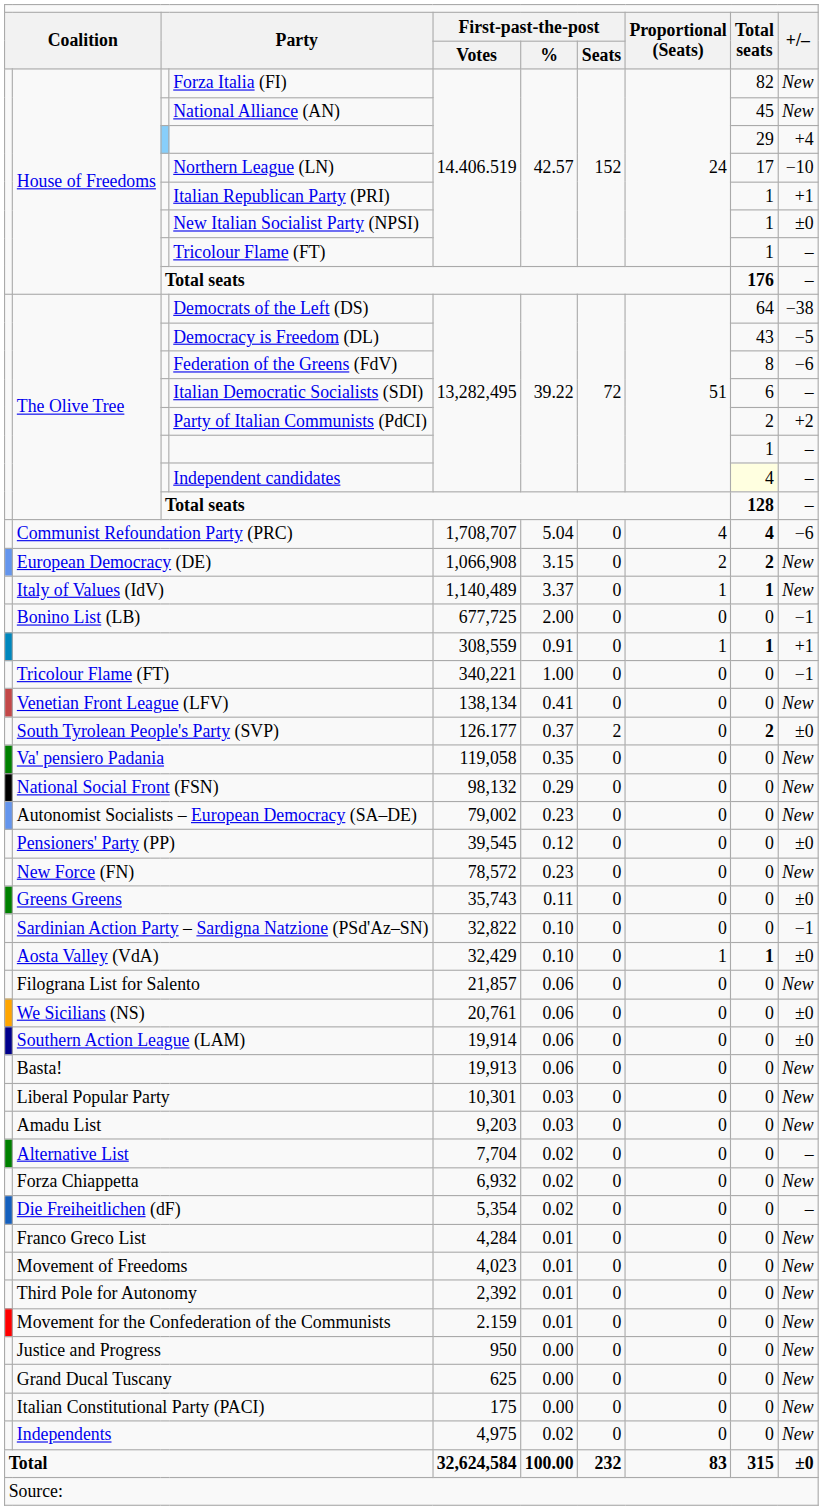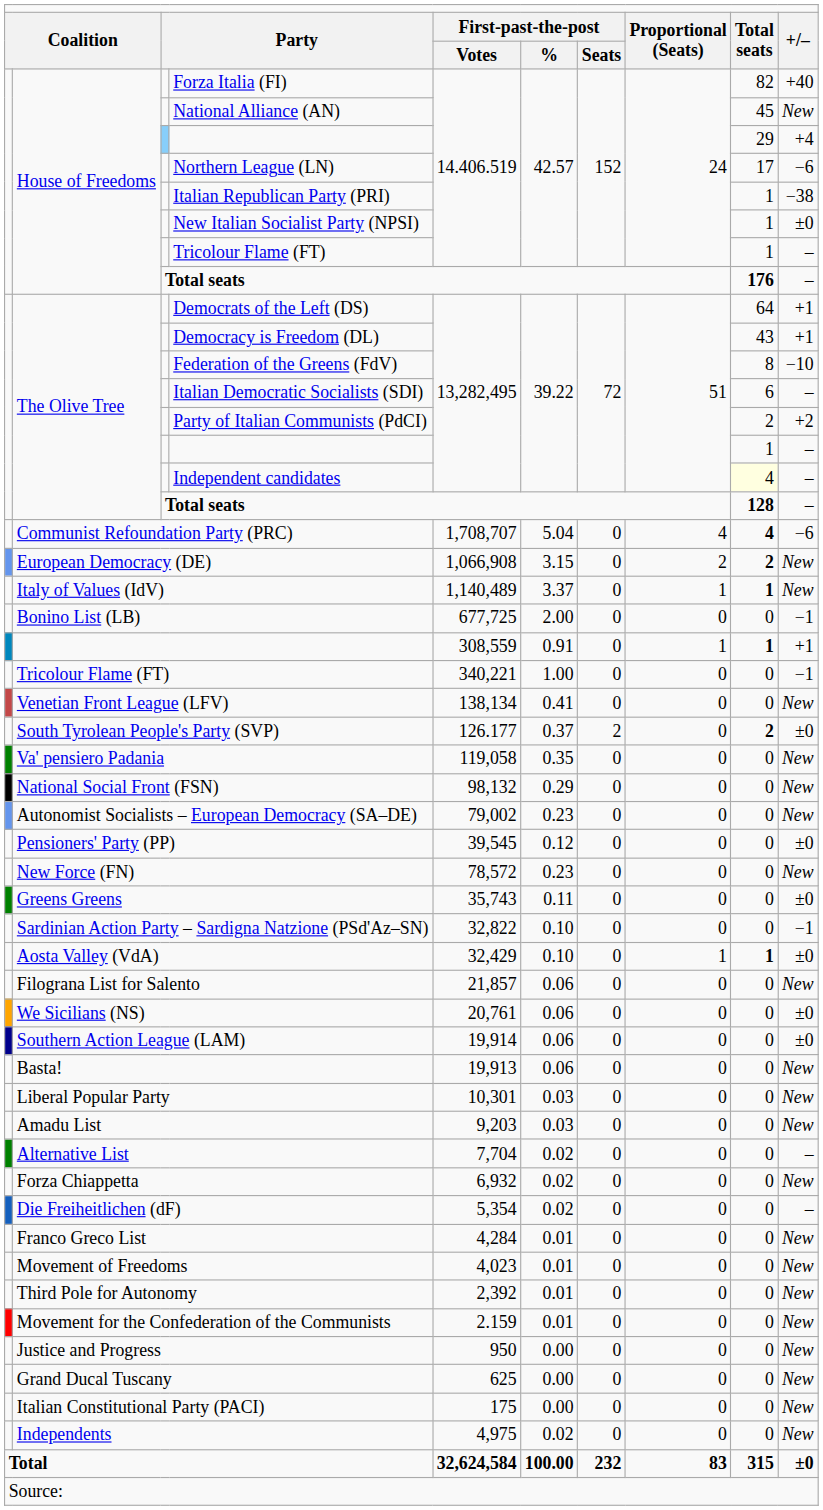 <table class="wikitable" style="text-align:right">
 <tr>
 <td colspan="10" style="text-align:center"></td>
 </tr>
 <tr>
 <th align=left colspan=2 rowspan=2>Coalition</th>
 <th colspan=2 rowspan=2>Party</th>
 <th colspan="3" align="center" valign=top>First-past-the-post</th>
 <th rowspan=2>Proportional <br> (Seats)</th>
 <th rowspan=2>Total <br> seats</th>
 <th align=left rowspan=2>+/–</th>
 </tr>
 <tr>
 <th style="background-color:" align="center" valign=bottom>Votes</th>
 <th style="background-color:" align="center" valign=bottom>%</th>
 <th style="background-color:" align="center" valign=bottom>Seats</th>
 </tr>
 <tr>
 <td rowspan="8" style="color:inherit;background:"></td>
 <td style="text-align:left;" rowspan="8"><a href='#'>House of Freedoms</a></td>
 <td></td>
 <td align=left><a href='#'>Forza Italia</a> (FI)</td>
 <td rowspan="7">14.406.519</td>
 <td rowspan="7">42.57</td>
 <td rowspan="7">152</td>
 <td rowspan="7">24</td>
 <td>82</td>
-<td><em>New</em></td>
+<td><span>+40</span></td>
 </tr>
 <tr>
 <td></td>
 <td align=left><a href='#'>National Alliance</a> (AN)</td>
 <td>45</td>
 <td><em>New</em></td>
 </tr>
 <tr>
 <td bgcolor="lightskyblue"></td>
 <td align="left"></td>
 <td>29</td>
 <td><span>+4</span></td>
 </tr>
 <tr>
 <td></td>
 <td align=left><a href='#'>Northern League</a> (LN)</td>
 <td>17</td>
-<td><span>−10</span></td>
+<td><span>−6</span></td>
 </tr>
 <tr>
 <td style="color:inherit;background:"></td>
 <td align="left"><a href='#'>Italian Republican Party</a> (PRI)</td>
 <td>1</td>
-<td><span>+1</span></td>
+<td><span>−38</span></td>
 </tr>
 <tr>
 <td style="color:inherit;background:"></td>
 <td align="left"><a href='#'>New Italian Socialist Party</a> (NPSI)</td>
 <td>1</td>
 <td>±0</td>
 </tr>
 <tr>
 <td style="color:inherit;background:"></td>
 <td align="left"><a href='#'>Tricolour Flame</a> (FT)</td>
 <td>1</td>
 <td>–</td>
 </tr>
 <tr>
 <td colspan=6 align=left><strong>Total seats</strong></td>
 <td><strong>176</strong></td>
 <td>–</td>
 </tr>
 <tr>
 <td rowspan="8" style="background:"></td>
 <td style="text-align:left;" rowspan="8"><a href='#'>The Olive Tree</a></td>
 <td></td>
 <td align=left><a href='#'>Democrats of the Left</a> (DS)</td>
 <td rowspan="7">13,282,495</td>
 <td rowspan="7">39.22</td>
 <td rowspan="7">72</td>
 <td rowspan="7">51</td>
 <td>64</td>
-<td><span>−38</span></td>
+<td><span>+1</span></td>
 </tr>
 <tr>
 <td></td>
 <td align=left><a href='#'>Democracy is Freedom</a> (DL)</td>
 <td>43</td>
-<td><span>−5</span></td>
+<td><span>+1</span></td>
 </tr>
 <tr>
 <td></td>
 <td align=left><a href='#'>Federation of the Greens</a> (FdV)</td>
 <td>8</td>
-<td><span>−6</span></td>
+<td><span>−10</span></td>
 </tr>
 <tr>
 <td></td>
 <td align=left><a href='#'>Italian Democratic Socialists</a> (SDI)</td>
 <td>6</td>
 <td>–</td>
 </tr>
 <tr>
 <td></td>
 <td align=left><a href='#'>Party of Italian Communists</a> (PdCI)</td>
 <td>2</td>
 <td><span>+2</span></td>
 </tr>
 <tr>
 <td></td>
 <td align=left></td>
 <td>1</td>
 <td>–</td>
 </tr>
 <tr>
 <td></td>
 <td align=left><a href='#'>Independent candidates</a></td>
 <td style="background: lightyellow;">4</td>
 <td>–</td>
 </tr>
 <tr>
 <td colspan=6 align=left><strong>Total seats</strong></td>
 <td><strong>128</strong></td>
 <td>–</td>
 </tr>
 <tr>
 <td style="color:inherit;background:"></td>
 <td colspan=3 align=left><a href='#'>Communist Refoundation Party</a> (PRC)</td>
 <td>1,708,707</td>
 <td>5.04</td>
 <td>0</td>
 <td>4</td>
 <td><strong>4</strong></td>
 <td><span>−6</span></td>
 </tr>
 <tr>
 <td style="background:#6495ed;"></td>
 <td colspan=3 align=left><a href='#'>European Democracy</a> (DE)</td>
 <td>1,066,908</td>
 <td>3.15</td>
 <td>0</td>
 <td>2</td>
 <td><strong>2</strong></td>
 <td><em>New</em></td>
 </tr>
 <tr>
 <td style="color:inherit;background:"></td>
 <td colspan=3 align=left><a href='#'>Italy of Values</a> (IdV)</td>
 <td>1,140,489</td>
 <td>3.37</td>
 <td>0</td>
 <td>1</td>
 <td><strong>1</strong></td>
 <td><em>New</em></td>
 </tr>
 <tr>
 <td style="color:inherit;background:"></td>
 <td colspan=3 align=left><a href='#'>Bonino List</a> (LB)</td>
 <td>677,725</td>
 <td>2.00</td>
 <td>0</td>
 <td>0</td>
 <td>0</td>
 <td><span>−1</span></td>
 </tr>
 <tr>
 <td style="background:#0087BD;"></td>
 <td colspan=3 align=left></td>
 <td>308,559</td>
 <td>0.91</td>
 <td>0</td>
 <td>1</td>
 <td><strong>1</strong></td>
 <td><span>+1</span></td>
 </tr>
 <tr>
 <td style="color:inherit;background:"></td>
 <td colspan=3 align=left><a href='#'>Tricolour Flame</a> (FT)</td>
 <td>340,221</td>
 <td>1.00</td>
 <td>0</td>
 <td>0</td>
 <td>0</td>
 <td><span>−1</span></td>
 </tr>
 <tr>
 <td style="background:#C34848;"></td>
 <td colspan=3 align=left><a href='#'>Venetian Front League</a> (LFV)</td>
 <td>138,134</td>
 <td>0.41</td>
 <td>0</td>
 <td>0</td>
 <td>0</td>
 <td><em>New</em></td>
 </tr>
 <tr>
 <td style="color:inherit;background:"></td>
 <td colspan=3 style="text-align:left;"><a href='#'>South Tyrolean People's Party</a> (SVP)</td>
 <td>126.177</td>
 <td>0.37</td>
 <td>2</td>
 <td>0</td>
 <td><strong>2</strong></td>
 <td>±0</td>
 </tr>
 <tr>
 <td style="background:green;"></td>
 <td colspan=3 align=left><a href='#'>Va' pensiero Padania</a></td>
 <td>119,058</td>
 <td>0.35</td>
 <td>0</td>
 <td>0</td>
 <td>0</td>
 <td><em>New</em></td>
 </tr>
 <tr>
 <td style="background:#000000;"></td>
 <td colspan=3 align=left><a href='#'>National Social Front</a> (FSN)</td>
 <td>98,132</td>
 <td>0.29</td>
 <td>0</td>
 <td>0</td>
 <td>0</td>
 <td><em>New</em></td>
 </tr>
 <tr>
 <td style="background:#6495ed;"></td>
 <td colspan=3 align=left>Autonomist Socialists – <a href='#'>European Democracy</a> (SA–DE)</td>
 <td>79,002</td>
 <td>0.23</td>
 <td>0</td>
 <td>0</td>
 <td>0</td>
 <td><em>New</em></td>
 </tr>
 <tr>
 <td style="color:inherit;background:"></td>
 <td colspan=3 align=left><a href='#'>Pensioners' Party</a> (PP)</td>
 <td>39,545</td>
 <td>0.12</td>
 <td>0</td>
 <td>0</td>
 <td>0</td>
 <td>±0</td>
 </tr>
 <tr>
 <td style="color:inherit;background:"></td>
 <td colspan=3 align=left><a href='#'>New Force</a> (FN)</td>
 <td>78,572</td>
 <td>0.23</td>
 <td>0</td>
 <td>0</td>
 <td>0</td>
 <td><em>New</em></td>
 </tr>
 <tr>
 <td style="background:green;"></td>
 <td colspan=3 align=left><a href='#'>Greens Greens</a></td>
 <td>35,743</td>
 <td>0.11</td>
 <td>0</td>
 <td>0</td>
 <td>0</td>
 <td>±0</td>
 </tr>
 <tr>
 <td style="color:inherit;background:"></td>
 <td colspan=3 align=left><a href='#'>Sardinian Action Party</a> – <a href='#'>Sardigna Natzione</a> (PSd'Az–SN)</td>
 <td>32,822</td>
 <td>0.10</td>
 <td>0</td>
 <td>0</td>
 <td>0</td>
 <td><span>−1</span></td>
 </tr>
 <tr>
 <td style="color:inherit;background:"></td>
 <td colspan=3 align=left><a href='#'>Aosta Valley</a> (VdA)</td>
 <td>32,429</td>
 <td>0.10</td>
 <td>0</td>
 <td>1</td>
 <td><strong>1</strong></td>
 <td>±0</td>
 </tr>
 <tr>
 <td style="color:inherit;background:"></td>
 <td colspan=3 align=left>Filograna List for Salento</td>
 <td>21,857</td>
 <td>0.06</td>
 <td>0</td>
 <td>0</td>
 <td>0</td>
 <td><em>New</em></td>
 </tr>
 <tr>
 <td style="background:orange;"></td>
 <td colspan=3 align=left><a href='#'>We Sicilians</a> (NS)</td>
 <td>20,761</td>
 <td>0.06</td>
 <td>0</td>
 <td>0</td>
 <td>0</td>
 <td>±0</td>
 </tr>
 <tr>
 <td style="background:darkblue;"></td>
 <td colspan=3 align=left><a href='#'>Southern Action League</a> (LAM)</td>
 <td>19,914</td>
 <td>0.06</td>
 <td>0</td>
 <td>0</td>
 <td>0</td>
 <td>±0</td>
 </tr>
 <tr>
 <td style="color:inherit;background:"></td>
 <td colspan=3 align=left>Basta!</td>
 <td>19,913</td>
 <td>0.06</td>
 <td>0</td>
 <td>0</td>
 <td>0</td>
 <td><em>New</em></td>
 </tr>
 <tr>
 <td style="color:inherit;background:"></td>
 <td colspan=3 align=left>Liberal Popular Party</td>
 <td>10,301</td>
 <td>0.03</td>
 <td>0</td>
 <td>0</td>
 <td>0</td>
 <td><em>New</em></td>
 </tr>
 <tr>
 <td style="color:inherit;background:"></td>
 <td colspan=3 align=left>Amadu List</td>
 <td>9,203</td>
 <td>0.03</td>
 <td>0</td>
 <td>0</td>
 <td>0</td>
 <td><em>New</em></td>
 </tr>
 <tr>
 <td style="background:green;"></td>
 <td colspan=3 align=left><a href='#'>Alternative List</a></td>
 <td>7,704</td>
 <td>0.02</td>
 <td>0</td>
 <td>0</td>
 <td>0</td>
 <td>–</td>
 </tr>
 <tr>
 <td style="color:inherit;background:"></td>
 <td colspan=3 align=left>Forza Chiappetta</td>
 <td>6,932</td>
 <td>0.02</td>
 <td>0</td>
 <td>0</td>
 <td>0</td>
 <td><em>New</em></td>
 </tr>
 <tr>
 <td style="background:#1560BD;"></td>
 <td colspan=3 align=left><a href='#'>Die Freiheitlichen</a> (dF)</td>
 <td>5,354</td>
 <td>0.02</td>
 <td>0</td>
 <td>0</td>
 <td>0</td>
 <td>–</td>
 </tr>
 <tr>
 <td style="color:inherit;background:"></td>
 <td colspan=3 align=left>Franco Greco List</td>
 <td>4,284</td>
 <td>0.01</td>
 <td>0</td>
 <td>0</td>
 <td>0</td>
 <td><em>New</em></td>
 </tr>
 <tr>
 <td style="color:inherit;background:"></td>
 <td colspan=3 align=left>Movement of Freedoms</td>
 <td>4,023</td>
 <td>0.01</td>
 <td>0</td>
 <td>0</td>
 <td>0</td>
 <td><em>New</em></td>
 </tr>
 <tr>
 <td style="color:inherit;background:"></td>
 <td colspan=3 align=left>Third Pole for Autonomy</td>
 <td>2,392</td>
 <td>0.01</td>
 <td>0</td>
 <td>0</td>
 <td>0</td>
 <td><em>New</em></td>
 </tr>
 <tr>
 <td style="background:red;"></td>
 <td colspan=3 align=left>Movement for the Confederation of the Communists</td>
 <td>2.159</td>
 <td>0.01</td>
 <td>0</td>
 <td>0</td>
 <td>0</td>
 <td><em>New</em></td>
 </tr>
 <tr>
 <td style="color:inherit;background:"></td>
 <td colspan=3 align=left>Justice and Progress</td>
 <td>950</td>
 <td>0.00</td>
 <td>0</td>
 <td>0</td>
 <td>0</td>
 <td><em>New</em></td>
 </tr>
 <tr>
 <td style="color:inherit;background:"></td>
 <td colspan=3 align=left>Grand Ducal Tuscany</td>
 <td>625</td>
 <td>0.00</td>
 <td>0</td>
 <td>0</td>
 <td>0</td>
 <td><em>New</em></td>
 </tr>
 <tr>
 <td style="color:inherit;background:"></td>
 <td colspan=3 align=left>Italian Constitutional Party (PACI)</td>
 <td>175</td>
 <td>0.00</td>
 <td>0</td>
 <td>0</td>
 <td>0</td>
 <td><em>New</em></td>
 </tr>
 <tr>
 <td style="color:inherit;background:"></td>
 <td colspan=3 align=left><a href='#'>Independents</a></td>
 <td>4,975</td>
 <td>0.02</td>
 <td>0</td>
 <td>0</td>
 <td>0</td>
 <td><em>New</em></td>
 </tr>
 <tr>
 <td colspan=4 align=left><strong>Total</strong></td>
 <td><strong>32,624,584</strong></td>
 <td><strong>100.00</strong></td>
 <td><strong>232</strong></td>
 <td><strong>83</strong></td>
 <td><strong>315</strong></td>
 <td><strong>±0</strong></td>
 </tr>
 <tr>
 <td style="text-align:left;" colspan="10">Source: </td>
 </tr>
 </table>
